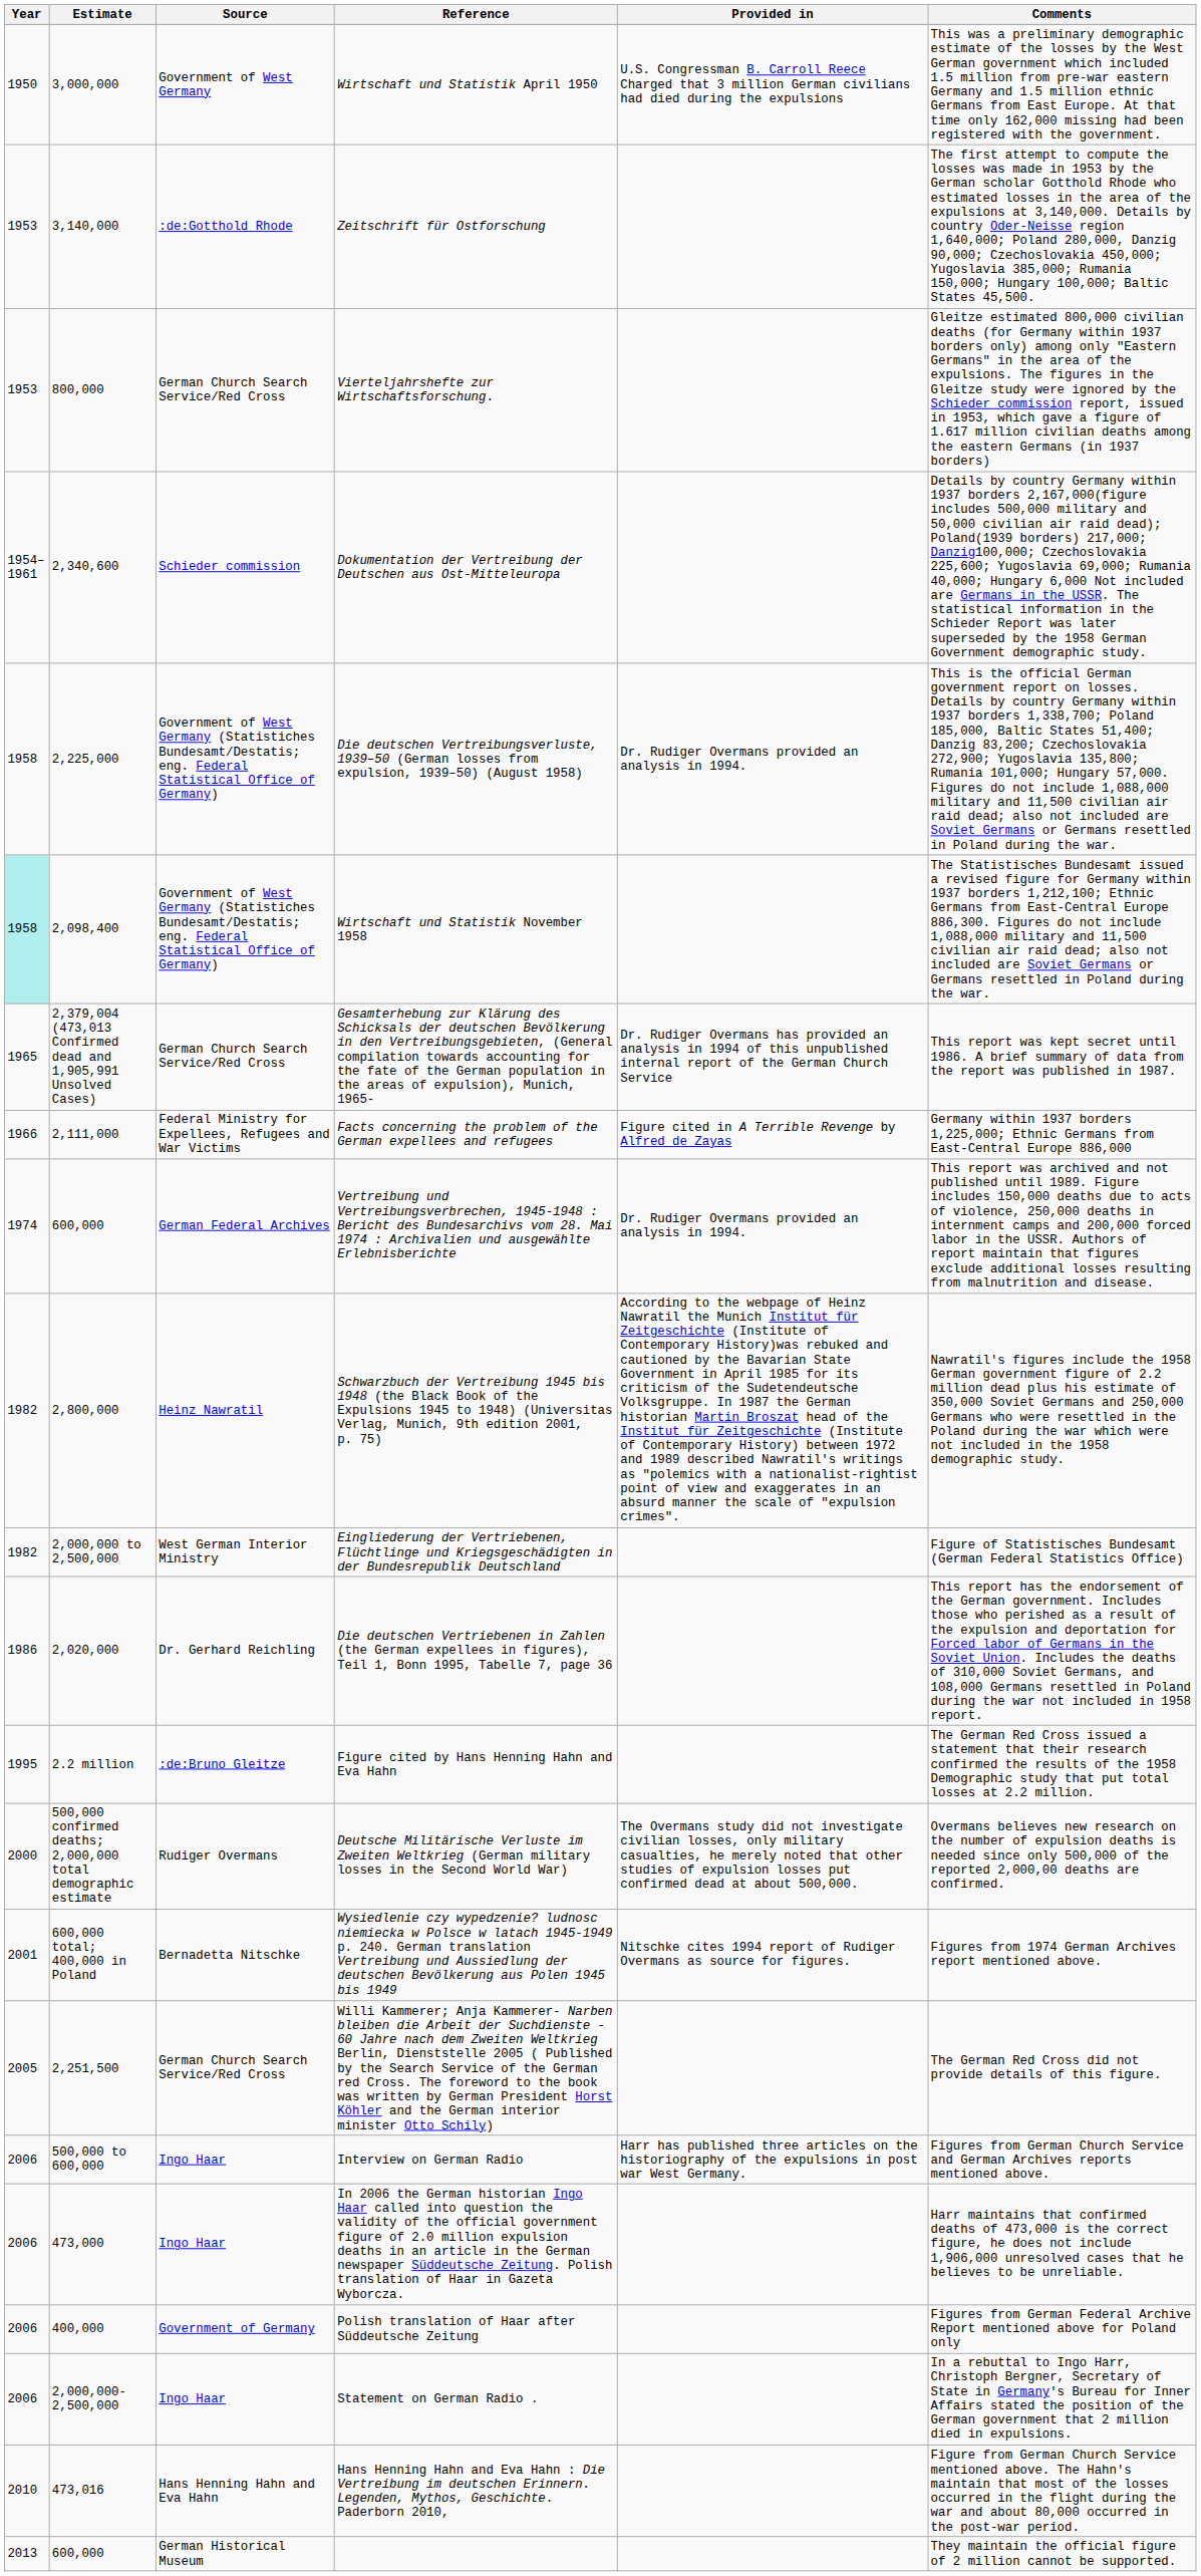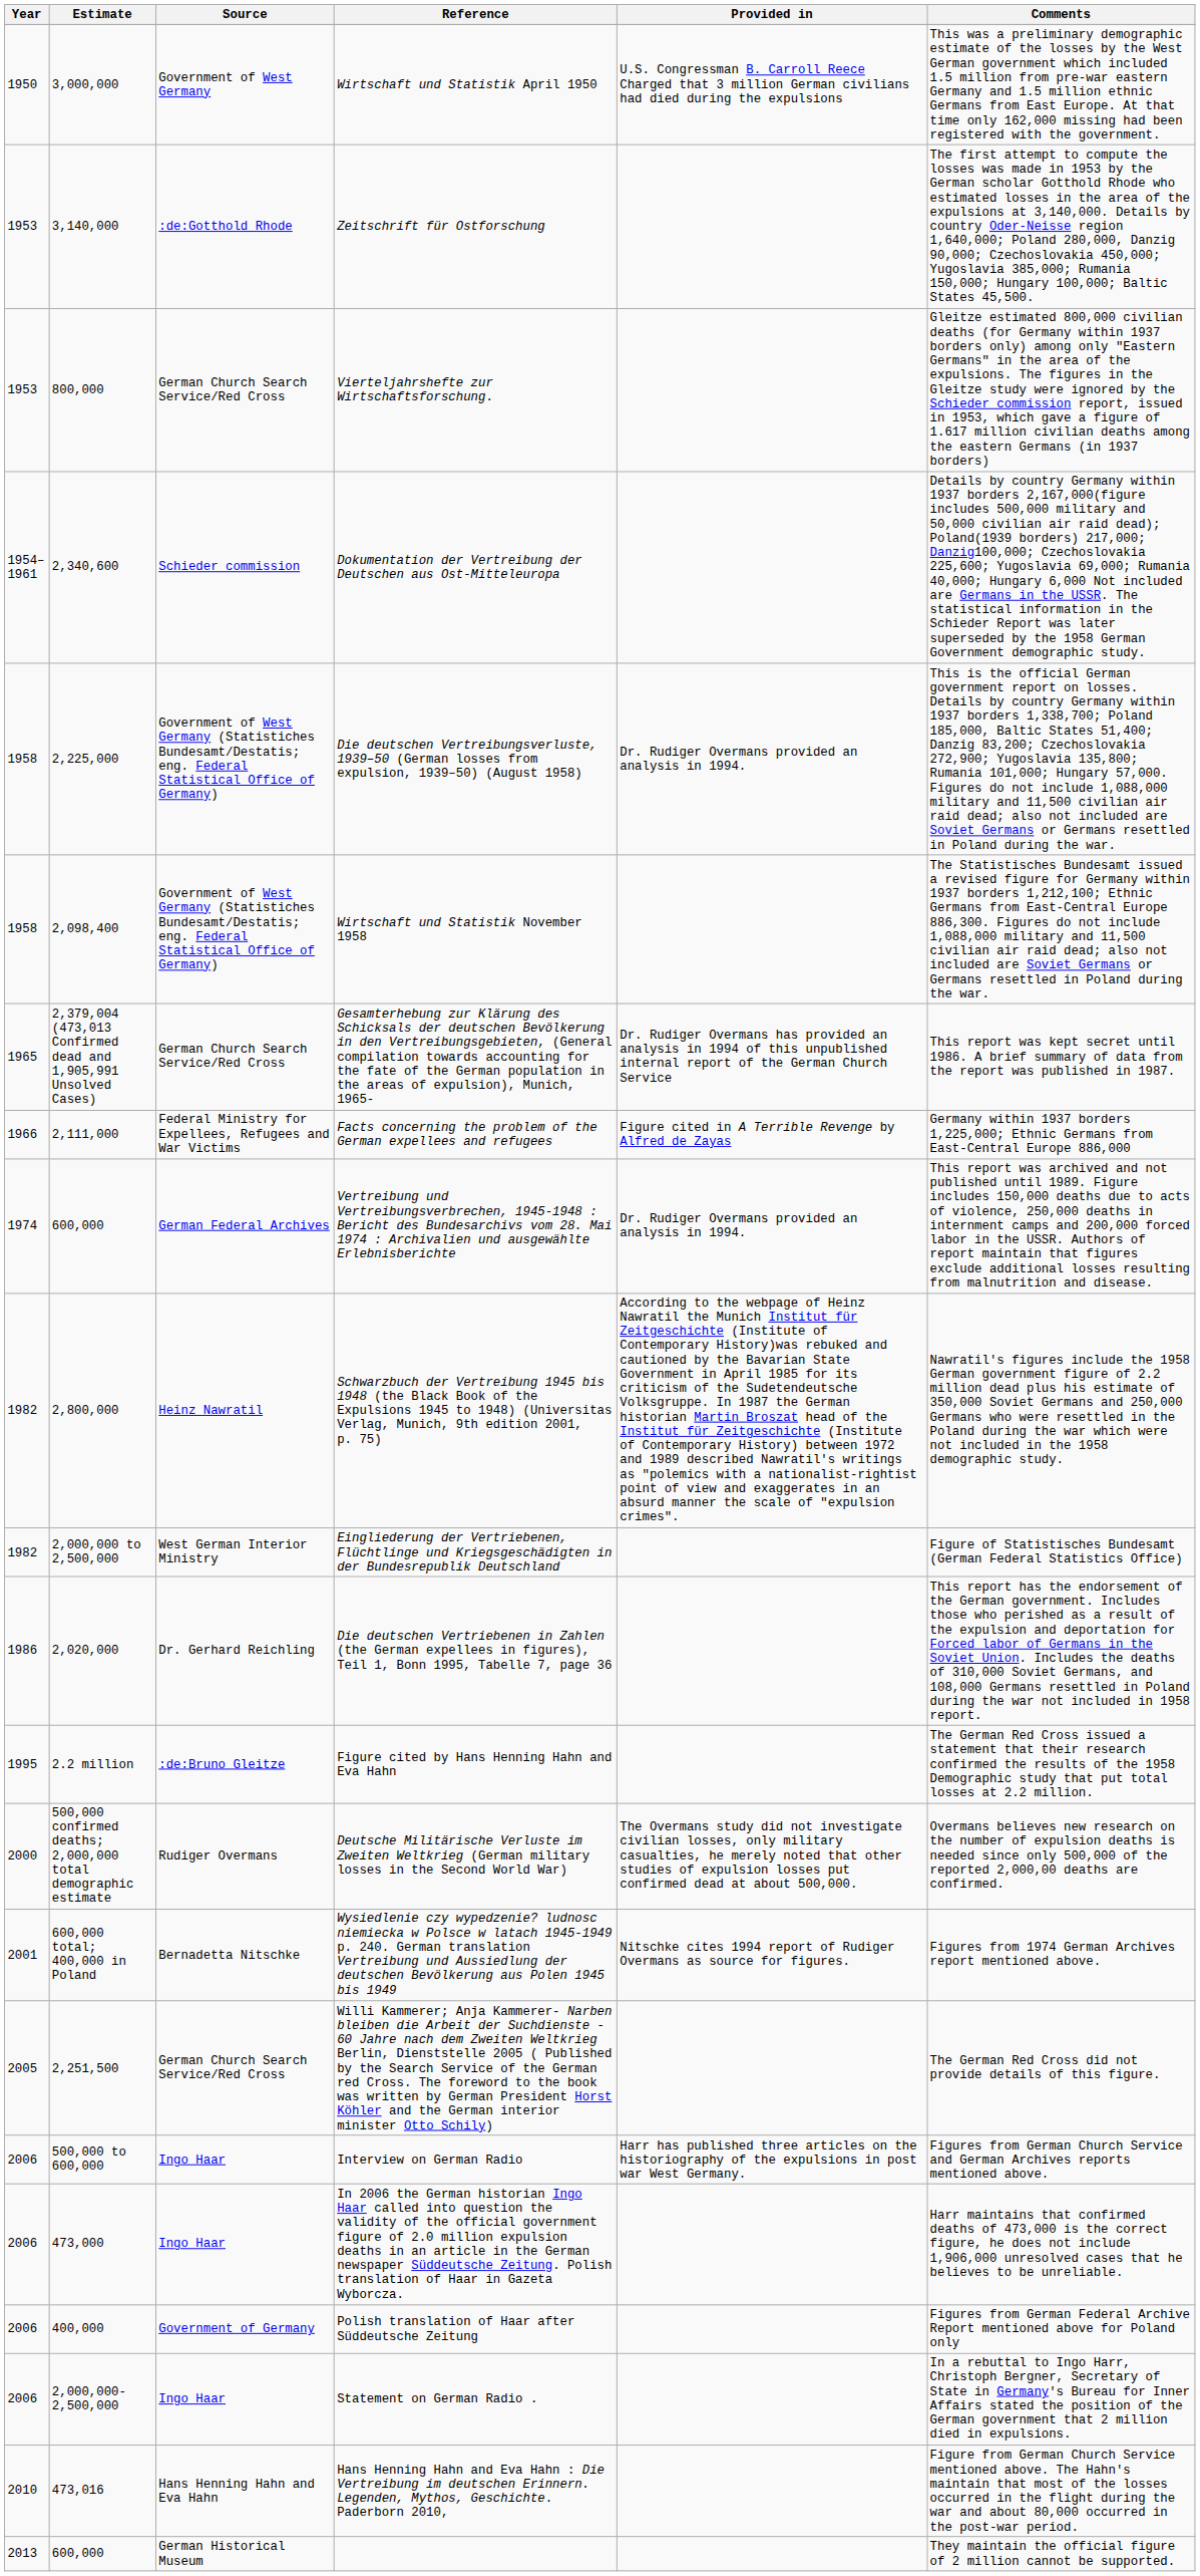 <table class="wikitable sortable">
 <tr>
 <th>Year</th>
 <th>Estimate</th>
 <th>Source</th>
 <th>Reference</th>
 <th>Provided in</th>
 <th>Comments</th>
 </tr>
 <tr>
 </tr>
 <tr>
 <td>1950</td>
 <td>3,000,000</td>
 <td>Government of <a href='#'>West Germany</a></td>
 <td><em>Wirtschaft und Statistik</em> April 1950</td>
 <td>U.S. Congressman <a href='#'>B. Carroll Reece</a><br>Charged that 3 million German civilians had died during the expulsions</td>
 <td>This was a preliminary demographic estimate of the losses by the West German government which included 1.5 million from pre-war eastern Germany and 1.5 million ethnic Germans from East Europe. At that time only 162,000 missing had been registered with the government.</td>
 </tr>
 <tr>
 <td>1953</td>
 <td>3,140,000</td>
 <td><a href='#'>:de:Gotthold Rhode</a></td>
 <td><em>Zeitschrift für Ostforschung</em></td>
 <td></td>
 <td>The first attempt to compute the losses was made in 1953 by the German scholar Gotthold Rhode who estimated losses in the area of the  expulsions at 3,140,000. Details by country  <a href='#'>Oder-Neisse</a> region 1,640,000; Poland 280,000, Danzig 90,000; Czechoslovakia 450,000; Yugoslavia 385,000; Rumania 150,000; Hungary 100,000; Baltic States 45,500.</td>
 </tr>
 <tr>
 <td>1953</td>
 <td>800,000</td>
 <td>German Church Search Service/Red Cross</td>
 <td><em>Vierteljahrshefte zur Wirtschaftsforschung</em>.</td>
 <td></td>
 <td>Gleitze estimated 800,000 civilian deaths (for Germany within 1937 borders only) among only "Eastern Germans" in the area of the expulsions. The figures in the Gleitze study were ignored by the <a href='#'>Schieder commission</a> report, issued in 1953, which gave a figure of 1.617 million civilian deaths among the eastern Germans (in 1937 borders)</td>
 </tr>
 <tr>
 <td>1954–1961</td>
 <td>2,340,600</td>
 <td><a href='#'>Schieder commission</a></td>
 <td><em>Dokumentation der Vertreibung der Deutschen aus Ost-Mitteleuropa</em></td>
 <td></td>
 <td>Details by country  Germany within 1937 borders 2,167,000(figure includes 500,000 military and 50,000 civilian air raid dead); Poland(1939 borders) 217,000; <a href='#'>Danzig</a>100,000; Czechoslovakia 225,600; Yugoslavia 69,000; Rumania 40,000; Hungary 6,000 Not included are <a href='#'>Germans in the USSR</a>. The statistical information in the Schieder Report was later superseded by the 1958 German Government demographic study.</td>
 </tr>
 <tr>
 <td>1958</td>
 <td>2,225,000</td>
 <td>Government of <a href='#'>West Germany</a> (Statistiches Bundesamt/Destatis; eng. <a href='#'>Federal Statistical Office of Germany</a>)</td>
 <td><em>Die deutschen Vertreibungsverluste, 1939–50</em> (German losses from expulsion, 1939–50) (August 1958)</td>
 <td>Dr. Rudiger Overmans provided an analysis in 1994.</td>
 <td>This is the official German government report on losses. Details by country  Germany within 1937 borders 1,338,700; Poland 185,000, Baltic States 51,400; Danzig 83,200; Czechoslovakia 272,900; Yugoslavia 135,800; Rumania 101,000; Hungary 57,000. Figures do not include 1,088,000 military and 11,500 civilian air raid dead; also not included are <a href='#'>Soviet Germans</a> or Germans resettled in Poland during the war.</td>
 </tr>
 <tr>
-<td style="background: paleturquoise;">1958</td>
+<td>1958</td>
 <td>2,098,400</td>
 <td>Government of <a href='#'>West Germany</a> (Statistiches Bundesamt/Destatis; eng. <a href='#'>Federal Statistical Office of Germany</a>)</td>
 <td><em>Wirtschaft und Statistik</em> November 1958</td>
 <td></td>
 <td>The Statistisches Bundesamt issued a revised figure for Germany within 1937 borders 1,212,100; Ethnic Germans from East-Central Europe 886,300. Figures do not include 1,088,000 military and 11,500 civilian air raid dead; also not included are <a href='#'>Soviet Germans</a> or Germans resettled in Poland during the war.</td>
 </tr>
 <tr>
 <td>1965</td>
 <td>2,379,004 (473,013 Confirmed dead and 1,905,991 Unsolved Cases)</td>
 <td>German Church Search Service/Red Cross</td>
 <td><em>Gesamterhebung zur Klärung des Schicksals der deutschen Bevölkerung in den Vertreibungsgebieten</em>, (General compilation towards accounting for the fate of the German population in the areas of expulsion), Munich, 1965-</td>
 <td>Dr. Rudiger Overmans has provided an analysis in 1994 of this unpublished internal report of the German Church Service</td>
 <td>This report was kept secret until 1986. A brief summary of data from the report was published in 1987.</td>
 </tr>
 <tr>
 <td>1966</td>
 <td>2,111,000</td>
 <td>Federal Ministry for Expellees, Refugees and War Victims</td>
 <td><em>Facts concerning the problem of the German expellees and refugees</em></td>
 <td>Figure cited in <em>A Terrible Revenge</em>  by <a href='#'>Alfred de Zayas</a></td>
 <td>Germany within 1937 borders 1,225,000; Ethnic Germans from East-Central Europe 886,000</td>
 </tr>
 <tr>
 <td>1974</td>
 <td>600,000</td>
 <td><a href='#'>German Federal Archives</a></td>
 <td><em>Vertreibung und Vertreibungsverbrechen, 1945-1948 : Bericht des Bundesarchivs vom 28. Mai 1974 : Archivalien und ausgewählte Erlebnisberichte</em></td>
 <td>Dr. Rudiger Overmans provided an analysis in 1994.</td>
 <td>This report was archived and not published until 1989. Figure includes 150,000 deaths due to acts of violence, 250,000 deaths in internment camps and 200,000 forced labor in the USSR. Authors of report maintain that figures exclude additional losses resulting from malnutrition and disease.</td>
 </tr>
 <tr>
 <td>1982</td>
 <td>2,800,000</td>
 <td><a href='#'>Heinz Nawratil</a></td>
 <td><em> Schwarzbuch der Vertreibung 1945 bis 1948</em> (the Black Book of the Expulsions 1945 to 1948) (Universitas Verlag, Munich, 9th edition 2001, p. 75)</td>
 <td>According to the webpage of Heinz Nawratil the Munich <a href='#'>Institut für Zeitgeschichte</a> (Institute of Contemporary History)was rebuked and cautioned by the Bavarian State Government in April 1985 for its criticism of the Sudetendeutsche Volksgruppe. In 1987 the German historian <a href='#'>Martin Broszat</a> head of the <a href='#'>Institut für Zeitgeschichte</a> (Institute of Contemporary History) between 1972 and 1989 described Nawratil's writings as "polemics with a nationalist-rightist point of view and exaggerates in an absurd manner the scale of "expulsion crimes".</td>
 <td>Nawratil's  figures include the 1958 German government figure of  2.2 million dead plus his estimate of 350,000 Soviet Germans and 250,000 Germans who were resettled in the Poland during the war which were not included in the 1958 demographic study.<br></td>
 </tr>
 <tr>
 <td>1982</td>
 <td>2,000,000 to 2,500,000</td>
 <td>West German Interior Ministry</td>
 <td><em>Eingliederung der Vertriebenen, Flüchtlinge und Kriegsgeschädigten in der Bundesrepublik Deutschland</em></td>
 <td></td>
 <td>Figure of Statistisches Bundesamt (German Federal Statistics Office)</td>
 </tr>
 <tr>
 <td>1986</td>
 <td>2,020,000</td>
 <td>Dr. Gerhard Reichling</td>
 <td><em>Die deutschen Vertriebenen in Zahlen</em> (the German expellees in figures), Teil 1, Bonn 1995, Tabelle 7, page 36</td>
 <td></td>
 <td>This report has the endorsement of the German government. Includes those who perished as a result of the expulsion and deportation for <a href='#'>Forced labor of Germans in the Soviet Union</a>. Includes the deaths of 310,000 Soviet Germans, and 108,000 Germans resettled in Poland during the war not included in 1958 report.</td>
 </tr>
 <tr>
 <td>1995</td>
 <td>2.2 million</td>
 <td><a href='#'>:de:Bruno Gleitze</a></td>
 <td>Figure cited by Hans Henning Hahn and Eva Hahn</td>
 <td></td>
 <td>The German Red Cross issued a statement that their research confirmed the results of the 1958 Demographic study that put total losses at 2.2 million.</td>
 </tr>
 <tr>
 <td>2000</td>
 <td>500,000 confirmed deaths; 2,000,000 total demographic estimate</td>
 <td>Rudiger Overmans</td>
 <td><em>Deutsche Militärische Verluste im Zweiten Weltkrieg</em> (German military losses in the Second World War)</td>
 <td>The Overmans study did not investigate civilian losses, only military casualties, he merely noted that other studies of expulsion losses put confirmed dead at about 500,000.</td>
 <td>Overmans believes new research on the number of expulsion deaths is needed since only 500,000 of the reported 2,000,00 deaths are confirmed.</td>
 </tr>
 <tr>
 <td>2001</td>
 <td>600,000 total; 400,000 in Poland</td>
 <td>Bernadetta Nitschke</td>
 <td><em>Wysiedlenie czy wypedzenie? ludnosc niemiecka w Polsce w latach 1945-1949</em> p. 240.  German translation <em>Vertreibung und Aussiedlung der deutschen Bevölkerung aus Polen 1945 bis 1949</em></td>
 <td>Nitschke cites 1994 report of Rudiger Overmans as source for figures.</td>
 <td>Figures from 1974 German Archives report mentioned above.</td>
 </tr>
 <tr>
 <td>2005</td>
 <td>2,251,500</td>
 <td>German Church Search Service/Red Cross</td>
 <td>Willi Kammerer; Anja Kammerer- <em>Narben bleiben die Arbeit der Suchdienste - 60 Jahre nach dem Zweiten Weltkrieg</em> Berlin, Dienststelle 2005 ( Published by the Search Service of the German red Cross. The foreword to the book was written by German President <a href='#'>Horst Köhler</a> and the German interior minister <a href='#'>Otto Schily</a>)</td>
 <td></td>
 <td>The German Red Cross did not provide details of this figure.</td>
 </tr>
 <tr>
 <td>2006</td>
 <td>500,000 to 600,000</td>
 <td><a href='#'>Ingo Haar</a></td>
 <td>Interview on German Radio </td>
 <td>Harr has published three articles on the historiography of the expulsions in post war West Germany.</td>
 <td>Figures from German Church Service and German Archives reports mentioned above.</td>
 </tr>
 <tr>
 <td>2006</td>
 <td>473,000</td>
 <td><a href='#'>Ingo Haar</a></td>
 <td>In 2006 the German historian <a href='#'>Ingo Haar</a> called into question the validity of the official government figure of 2.0 million expulsion deaths in an article in the German newspaper <a href='#'>Süddeutsche Zeitung</a>. Polish translation of Haar in Gazeta Wyborcza.</td>
 <td></td>
 <td>Harr maintains that confirmed deaths of 473,000 is the correct figure, he does not include 1,906,000 unresolved cases that he believes to be unreliable.</td>
 </tr>
 <tr>
 <td>2006</td>
 <td>400,000</td>
 <td><a href='#'>Government of Germany</a></td>
 <td>Polish translation of Haar after Süddeutsche Zeitung</td>
 <td></td>
 <td>Figures from German Federal Archive Report mentioned above for Poland only</td>
 </tr>
 <tr>
 <td>2006</td>
 <td>2,000,000-2,500,000</td>
 <td><a href='#'>Ingo Haar</a></td>
 <td>Statement on German Radio .</td>
 <td></td>
 <td>In a rebuttal to Ingo Harr, Christoph Bergner, Secretary of State in <a href='#'>Germany</a>'s Bureau for Inner Affairs stated the position of the German government that 2 million died in expulsions.</td>
 </tr>
 <tr>
 <td>2010</td>
 <td>473,016</td>
 <td>Hans Henning Hahn and Eva Hahn</td>
 <td>Hans Henning Hahn and Eva Hahn : <em>Die Vertreibung im deutschen Erinnern. Legenden, Mythos, Geschichte</em>. Paderborn 2010,</td>
 <td></td>
 <td>Figure from German Church Service mentioned above. The Hahn's maintain that most of the losses occurred in the flight during the war and about 80,000 occurred in the post-war period.</td>
 </tr>
 <tr>
 <td>2013</td>
 <td>600,000</td>
 <td>German Historical Museum</td>
 <td></td>
 <td></td>
 <td>They maintain the official figure of 2 million cannot be supported.</td>
 </tr>
 </table>
